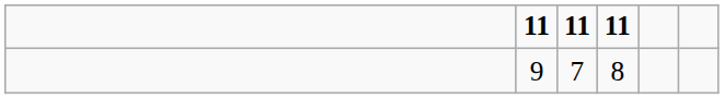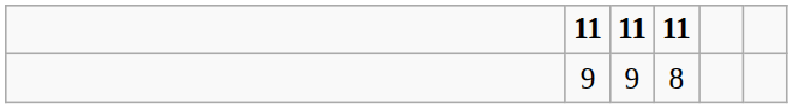 <table class="wikitable">
 <tr>
 <td style="width:18em"><strong></strong></td>
 <td align=center style="width:1em"><strong>11</strong></td>
 <td align=center style="width:1em"><strong>11</strong></td>
 <td align=center style="width:1em"><strong>11</strong></td>
 <td align=center style="width:1em"></td>
 <td align=center style="width:1em"></td>
 </tr>
 <tr>
 <td style="width:18em"></td>
 <td align=center style="width:1em">9</td>
-<td align=center style="width:1em">7</td>
+<td align=center style="width:1em">9</td>
 <td align=center style="width:1em">8</td>
 <td align=center style="width:1em"></td>
 <td align=center style="width:1em"></td>
 </tr>
 </table>
